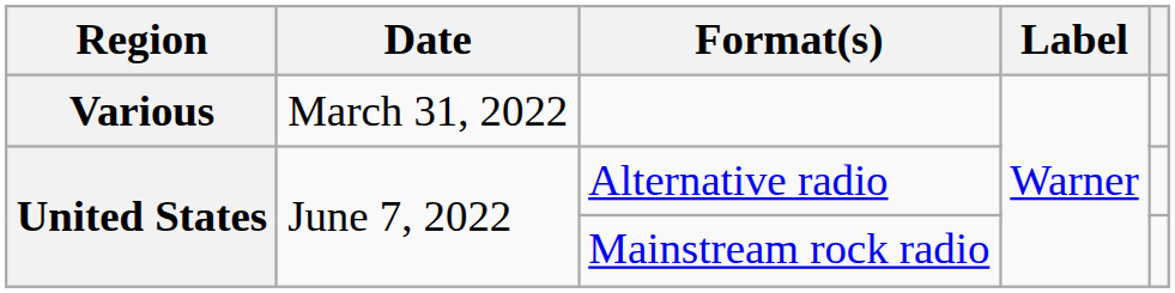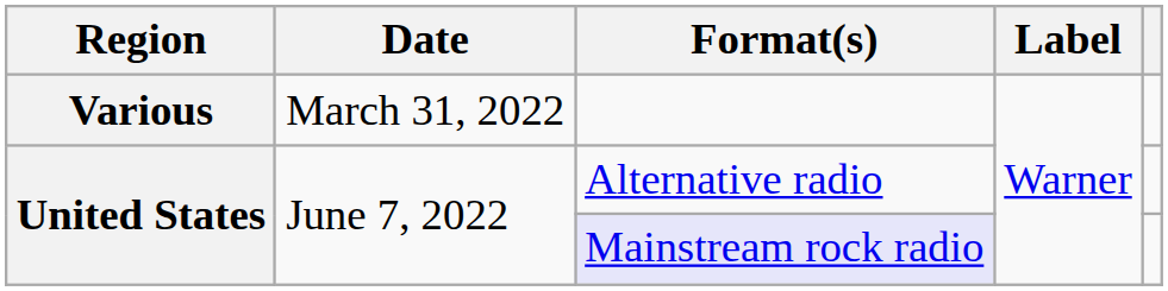 <table class="wikitable plainrowheaders">
 <tr>
 <th scope="col">Region</th>
 <th scope="col">Date</th>
 <th scope="col">Format(s)</th>
 <th scope="col">Label</th>
 <th scope="col"></th>
 </tr>
 <tr>
 <th scope="row">Various</th>
 <td>March 31, 2022</td>
 <td></td>
 <td rowspan="3"><a href='#'>Warner</a></td>
 <td align="center"></td>
 </tr>
 <tr>
 <th scope="row" rowspan="2">United States</th>
 <td rowspan="2">June 7, 2022</td>
 <td><a href='#'>Alternative radio</a></td>
 <td align="center"></td>
 </tr>
 <tr>
-<td><a href='#'>Mainstream rock radio</a></td>
+<td style="background: lavender;"><a href='#'>Mainstream rock radio</a></td>
 <td align="center"></td>
 </tr>
 </table>
